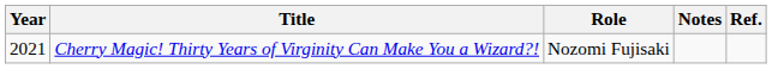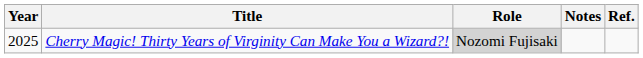 <table class="wikitable">
 <tr>
 <th>Year</th>
 <th>Title</th>
 <th>Role</th>
 <th>Notes</th>
 <th>Ref.</th>
 </tr>
 <tr>
-<td>2021</td>
+<td>2025</td>
 <td><em><a href='#'>Cherry Magic! Thirty Years of Virginity Can Make You a Wizard?!</a></em></td>
-<td>Nozomi Fujisaki</td>
+<td style="background: lightgrey;">Nozomi Fujisaki</td>
 <td></td>
 <td></td>
 </tr>
 </table>
